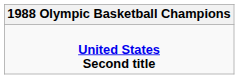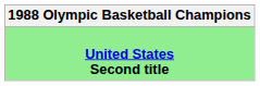 <table class=wikitable style="text-align:center;">
 <tr>
 <th>1988 Olympic Basketball Champions</th>
 </tr>
 <tr>
-<td> <br> <strong><a href='#'>United States</a></strong> <br> <strong>Second title</strong></td>
+<td style="background: lightgreen;"> <br> <strong><a href='#'>United States</a></strong> <br> <strong>Second title</strong></td>
 </tr>
 </table>
